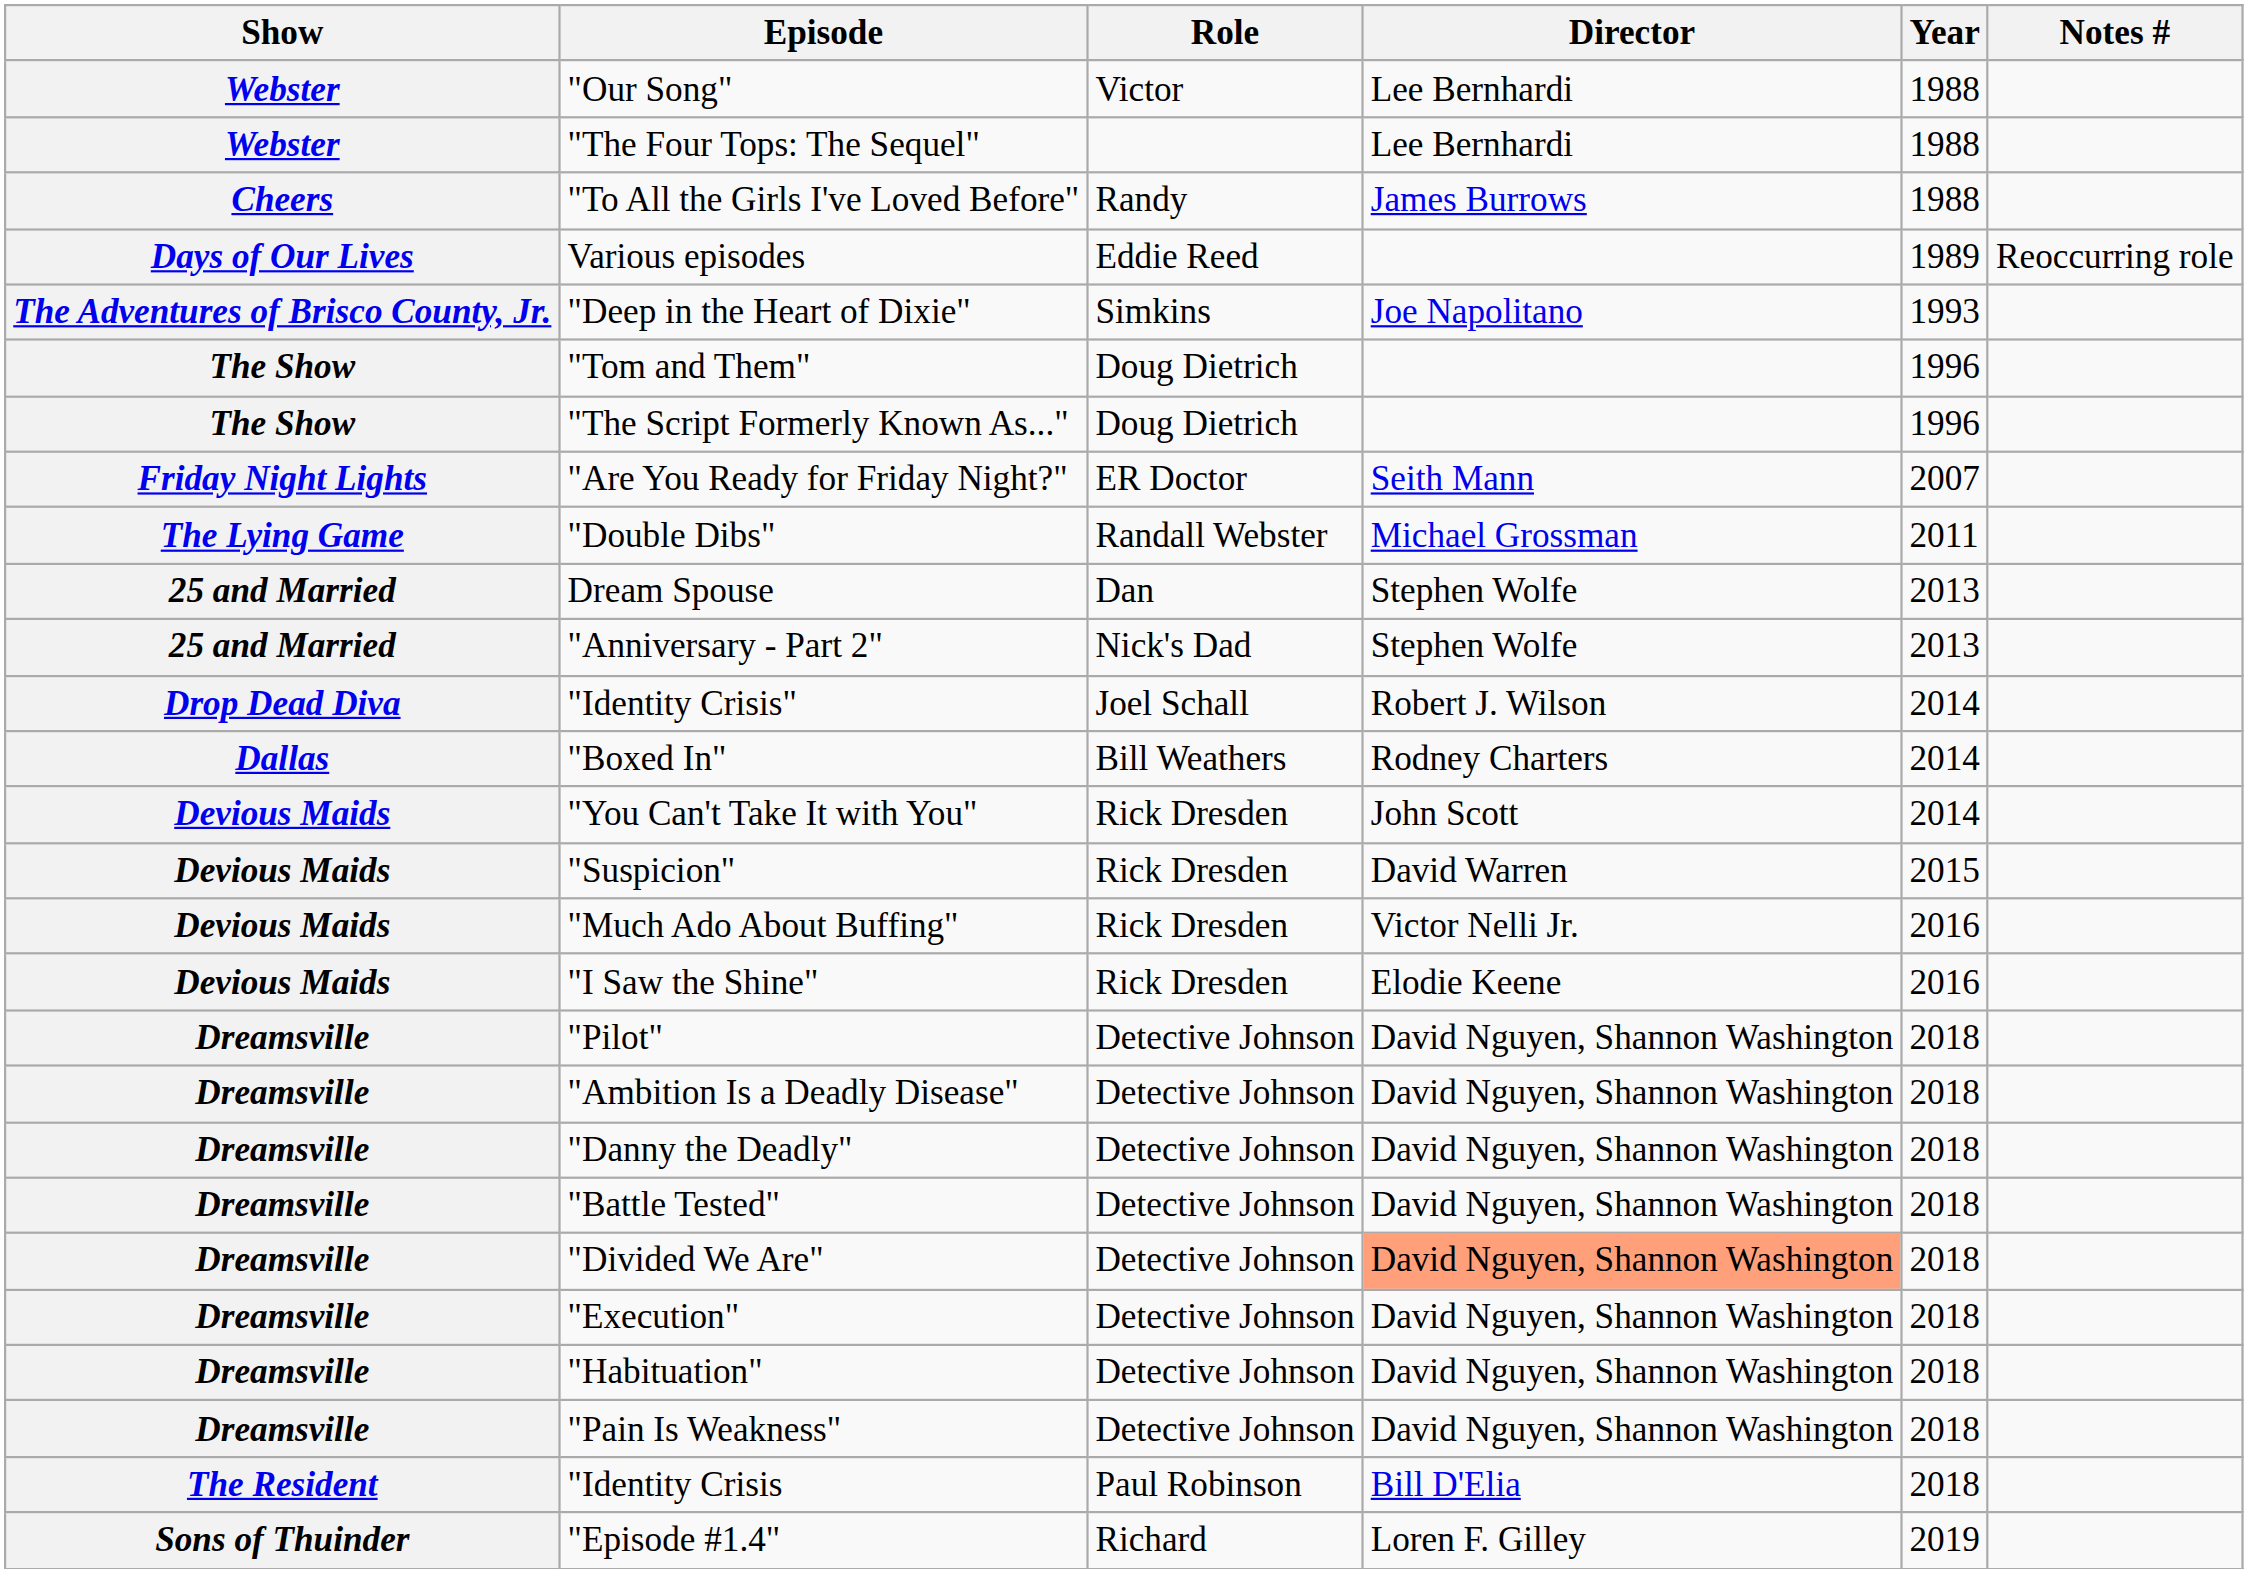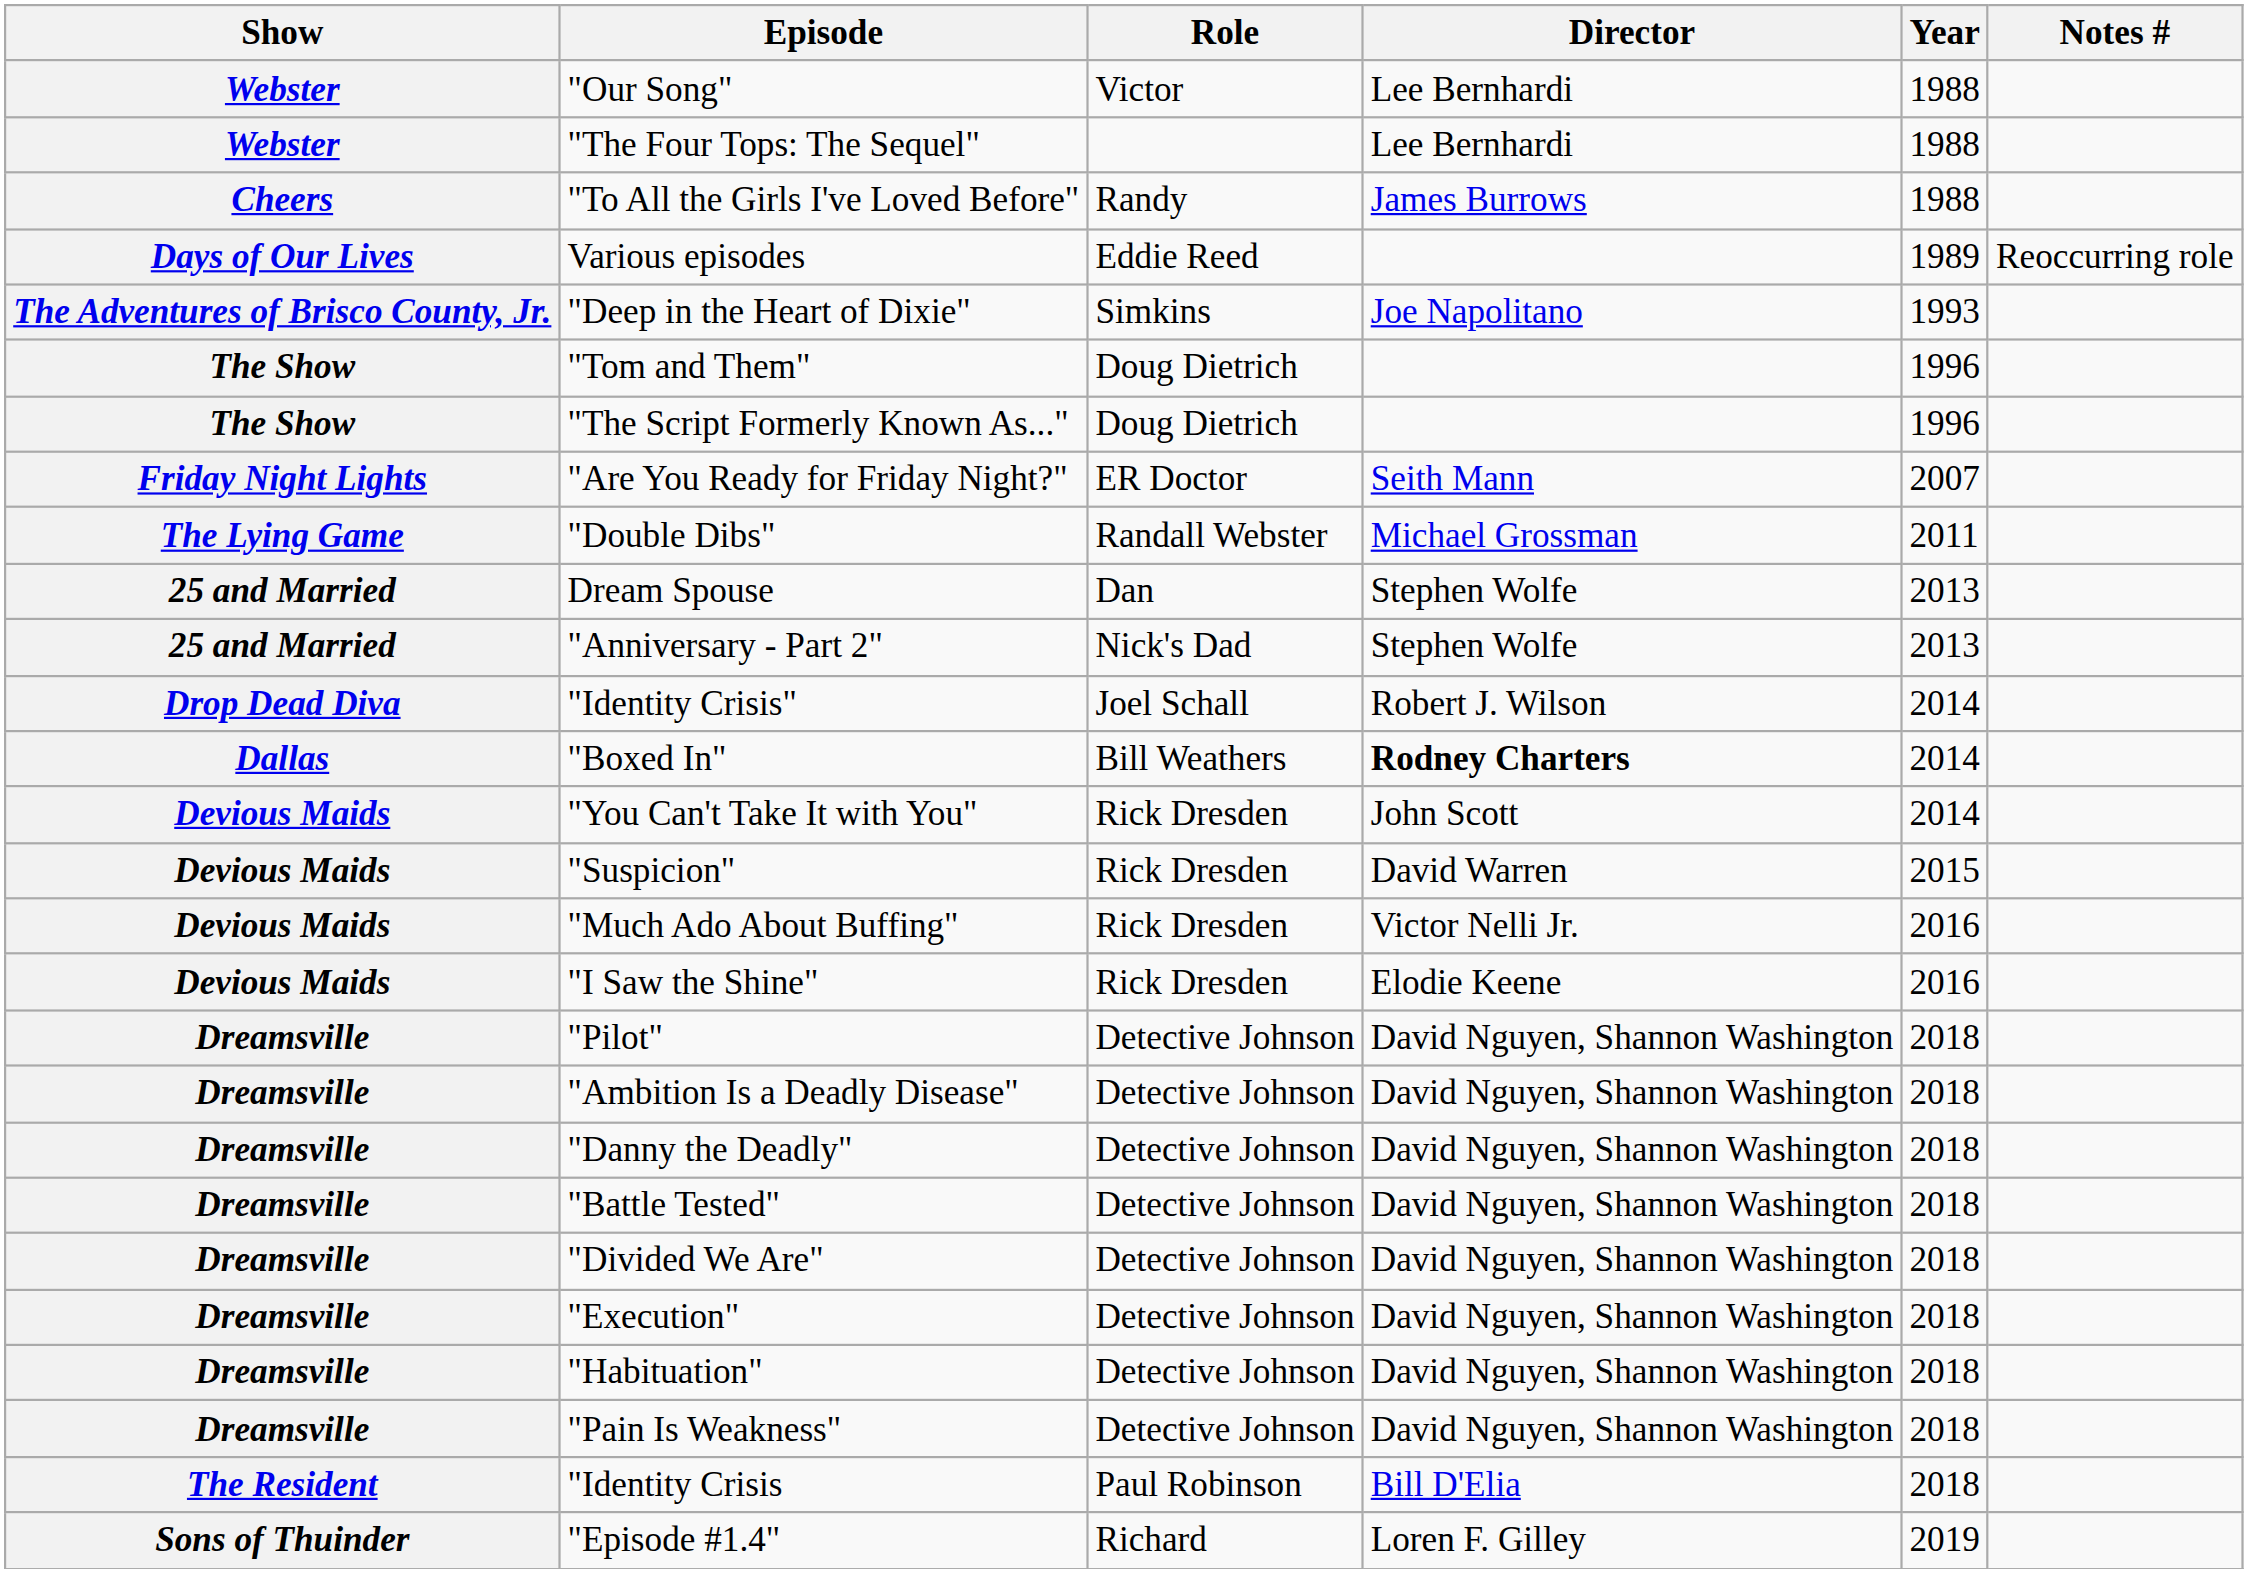 <table class="wikitable plainrowheaders sortable">
 <tr>
 <th scope="col">Show</th>
 <th scope="col">Episode</th>
 <th scope="col">Role</th>
 <th scope="col">Director</th>
 <th scope="col">Year</th>
 <th scope="col" class="unsortable">Notes #</th>
 </tr>
 <tr>
 <th scope="row"><em><a href='#'>Webster</a></em></th>
 <td>"Our Song"</td>
 <td>Victor</td>
 <td>Lee Bernhardi</td>
 <td>1988</td>
 <td></td>
 </tr>
 <tr>
 <th scope="row"><em><a href='#'>Webster</a></em></th>
 <td>"The Four Tops: The Sequel"</td>
 <td></td>
 <td>Lee Bernhardi</td>
 <td>1988</td>
 <td></td>
 </tr>
 <tr>
 <th scope="row"><em><a href='#'>Cheers</a></em></th>
 <td>"To All the Girls I've Loved Before"</td>
 <td>Randy</td>
 <td><a href='#'>James Burrows</a></td>
 <td>1988</td>
 <td></td>
 </tr>
 <tr>
 <th scope="row"><em><a href='#'>Days of Our Lives</a></em></th>
 <td>Various episodes</td>
 <td>Eddie Reed</td>
 <td></td>
 <td>1989</td>
 <td>Reoccurring role</td>
 </tr>
 <tr>
 <th scope="row"><em><a href='#'>The Adventures of Brisco County, Jr.</a></em></th>
 <td>"Deep in the Heart of Dixie"</td>
 <td>Simkins</td>
 <td><a href='#'>Joe Napolitano</a></td>
 <td>1993</td>
 <td></td>
 </tr>
 <tr>
 <th scope="row"><em>The Show</em></th>
 <td>"Tom and Them"</td>
 <td>Doug Dietrich</td>
 <td></td>
 <td>1996</td>
 <td></td>
 </tr>
 <tr>
 <th scope="row"><em>The Show</em></th>
 <td>"The Script Formerly Known As..."</td>
 <td>Doug Dietrich</td>
 <td></td>
 <td>1996</td>
 <td></td>
 </tr>
 <tr>
 <th scope="row"><em><a href='#'>Friday Night Lights</a></em></th>
 <td>"Are You Ready for Friday Night?"</td>
 <td>ER Doctor</td>
 <td><a href='#'>Seith Mann</a></td>
 <td>2007</td>
 <td></td>
 </tr>
 <tr>
 <th scope="row"><em><a href='#'>The Lying Game</a></em></th>
 <td>"Double Dibs"</td>
 <td>Randall Webster</td>
 <td><a href='#'>Michael Grossman</a></td>
 <td>2011</td>
 <td></td>
 </tr>
 <tr>
 <th scope="row"><em>25 and Married</em></th>
 <td>Dream Spouse</td>
 <td>Dan</td>
 <td>Stephen Wolfe</td>
 <td>2013</td>
 <td></td>
 </tr>
 <tr>
 <th scope="row"><em>25 and Married</em></th>
 <td>"Anniversary - Part 2"</td>
 <td>Nick's Dad</td>
 <td>Stephen Wolfe</td>
 <td>2013</td>
 <td></td>
 </tr>
 <tr>
 <th scope="row"><em><a href='#'>Drop Dead Diva</a></em></th>
 <td>"Identity Crisis"</td>
 <td>Joel Schall</td>
 <td>Robert J. Wilson</td>
 <td>2014</td>
 <td></td>
 </tr>
 <tr>
 <th scope="row"><em><a href='#'>Dallas</a></em></th>
 <td>"Boxed In"</td>
 <td>Bill Weathers</td>
-<td>Rodney Charters</td>
+<td><strong>Rodney Charters</strong></td>
 <td>2014</td>
 <td></td>
 </tr>
 <tr>
 <th scope="row"><em><a href='#'>Devious Maids</a></em></th>
 <td>"You Can't Take It with You"</td>
 <td>Rick Dresden</td>
 <td>John Scott</td>
 <td>2014</td>
 <td></td>
 </tr>
 <tr>
 <th scope="row"><em>Devious Maids</em></th>
 <td>"Suspicion"</td>
 <td>Rick Dresden</td>
 <td>David Warren</td>
 <td>2015</td>
 <td></td>
 </tr>
 <tr>
 <th scope="row"><em>Devious Maids</em></th>
 <td>"Much Ado About Buffing"</td>
 <td>Rick Dresden</td>
 <td>Victor Nelli Jr.</td>
 <td>2016</td>
 <td></td>
 </tr>
 <tr>
 <th scope="row"><em>Devious Maids</em></th>
 <td>"I Saw the Shine"</td>
 <td>Rick Dresden</td>
 <td>Elodie Keene</td>
 <td>2016</td>
 <td></td>
 </tr>
 <tr>
 <th scope="row"><em>Dreamsville</em></th>
 <td>"Pilot"</td>
 <td>Detective Johnson</td>
 <td>David Nguyen,  Shannon Washington</td>
 <td>2018</td>
 <td></td>
 </tr>
 <tr>
 <th scope="row"><em>Dreamsville</em></th>
 <td>"Ambition Is a Deadly Disease"</td>
 <td>Detective Johnson</td>
 <td>David Nguyen,  Shannon Washington</td>
 <td>2018</td>
 <td></td>
 </tr>
 <tr>
 <th scope="row"><em>Dreamsville</em></th>
 <td>"Danny the Deadly"</td>
 <td>Detective Johnson</td>
 <td>David Nguyen,  Shannon Washington</td>
 <td>2018</td>
 <td></td>
 </tr>
 <tr>
 <th scope="row"><em>Dreamsville</em></th>
 <td>"Battle Tested"</td>
 <td>Detective Johnson</td>
 <td>David Nguyen,  Shannon Washington</td>
 <td>2018</td>
 <td></td>
 </tr>
 <tr>
 <th scope="row"><em>Dreamsville</em></th>
 <td>"Divided We Are"</td>
 <td>Detective Johnson</td>
-<td style="background: lightsalmon;">David Nguyen,  Shannon Washington</td>
+<td>David Nguyen,  Shannon Washington</td>
 <td>2018</td>
 <td></td>
 </tr>
 <tr>
 <th scope="row"><em>Dreamsville</em></th>
 <td>"Execution"</td>
 <td>Detective Johnson</td>
 <td>David Nguyen,  Shannon Washington</td>
 <td>2018</td>
 <td></td>
 </tr>
 <tr>
 <th scope="row"><em>Dreamsville</em></th>
 <td>"Habituation"</td>
 <td>Detective Johnson</td>
 <td>David Nguyen,  Shannon Washington</td>
 <td>2018</td>
 <td></td>
 </tr>
 <tr>
 <th scope="row"><em>Dreamsville</em></th>
 <td>"Pain Is Weakness"</td>
 <td>Detective Johnson</td>
 <td>David Nguyen,  Shannon Washington</td>
 <td>2018</td>
 <td></td>
 </tr>
 <tr>
 <th scope="row"><em><a href='#'>The Resident</a></em></th>
 <td>"Identity Crisis</td>
 <td>Paul Robinson</td>
 <td><a href='#'>Bill D'Elia</a></td>
 <td>2018</td>
 <td></td>
 </tr>
 <tr>
 <th scope="row"><em>Sons of Thuinder</em></th>
 <td>"Episode #1.4"</td>
 <td>Richard</td>
 <td>Loren F. Gilley</td>
 <td>2019</td>
 <td></td>
 </tr>
 <tr>
 </tr>
 </table>
